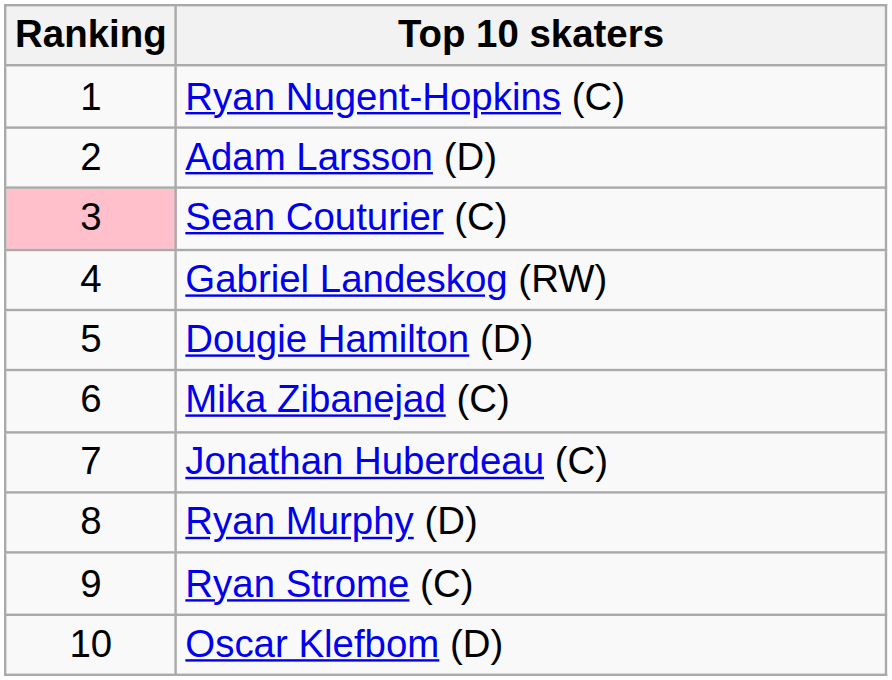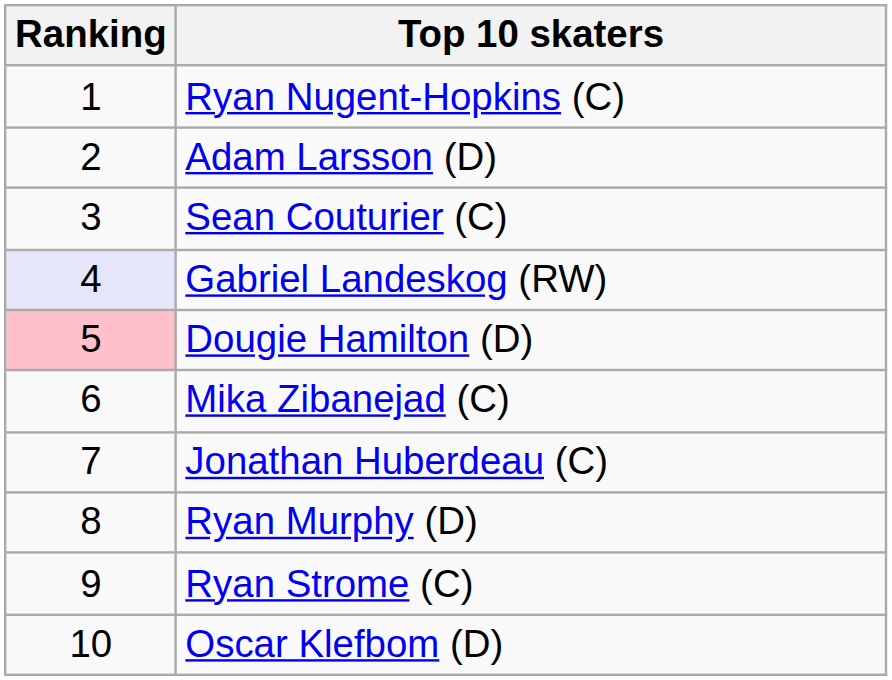 <table class="wikitable">
 <tr>
 <th style="width:4em;">Ranking</th>
 <th style="width:18em;">Top 10 skaters</th>
 </tr>
 <tr>
 <td style="text-align:center;">1</td>
 <td> <a href='#'>Ryan Nugent-Hopkins</a> (C)</td>
 </tr>
 <tr>
 <td style="text-align:center;">2</td>
 <td> <a href='#'>Adam Larsson</a> (D)</td>
 </tr>
 <tr>
-<td style="background: pink; text-align:center;">3</td>
+<td style="text-align:center;">3</td>
 <td> <a href='#'>Sean Couturier</a> (C)</td>
 </tr>
 <tr>
-<td style="text-align:center;">4</td>
+<td style="background: lavender; text-align:center;">4</td>
 <td> <a href='#'>Gabriel Landeskog</a> (RW)</td>
 </tr>
 <tr>
-<td style="text-align:center;">5</td>
+<td style="background: pink; text-align:center;">5</td>
 <td> <a href='#'>Dougie Hamilton</a> (D)</td>
 </tr>
 <tr>
 <td style="text-align:center;">6</td>
 <td> <a href='#'>Mika Zibanejad</a> (C)</td>
 </tr>
 <tr>
 <td style="text-align:center;">7</td>
 <td> <a href='#'>Jonathan Huberdeau</a> (C)</td>
 </tr>
 <tr>
 <td style="text-align:center;">8</td>
 <td> <a href='#'>Ryan Murphy</a> (D)</td>
 </tr>
 <tr>
 <td style="text-align:center;">9</td>
 <td> <a href='#'>Ryan Strome</a> (C)</td>
 </tr>
 <tr>
 <td style="text-align:center;">10</td>
 <td> <a href='#'>Oscar Klefbom</a> (D)</td>
 </tr>
 </table>
